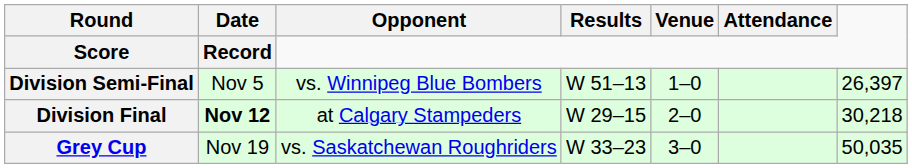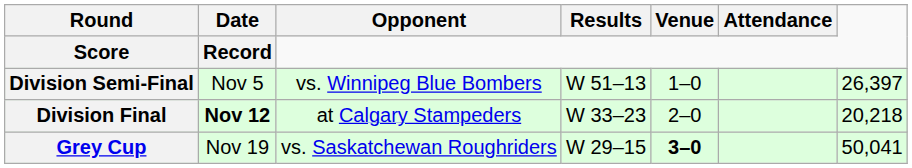 <table class="wikitable" style="text-align:center">
 <tr>
 <th>Round</th>
 <th>Date</th>
 <th>Opponent</th>
 <th>Results</th>
 <th>Venue</th>
 <th>Attendance</th>
 </tr>
 <tr>
 <th>Score</th>
 <th>Record</th>
 </tr>
 <tr style="background:#ddffdd">
 <th>Division Semi-Final</th>
 <td>Nov 5</td>
 <td>vs. <a href='#'>Winnipeg Blue Bombers</a></td>
 <td>W 51–13</td>
 <td>1–0</td>
 <td></td>
 <td>26,397</td>
 </tr>
 <tr style="background:#ddffdd">
 <th>Division Final</th>
 <td><strong>Nov 12</strong></td>
 <td>at <a href='#'>Calgary Stampeders</a></td>
-<td>W 29–15</td>
+<td>W 33–23</td>
 <td>2–0</td>
 <td></td>
-<td>30,218</td>
+<td>20,218</td>
 </tr>
 <tr style="background:#ddffdd">
 <th><a href='#'>Grey Cup</a></th>
 <td>Nov 19</td>
 <td>vs. <a href='#'>Saskatchewan Roughriders</a></td>
-<td>W 33–23</td>
-<td>3–0</td>
+<td>W 29–15</td>
+<td><strong>3–0</strong></td>
 <td></td>
-<td>50,035</td>
+<td>50,041</td>
 </tr>
 </table>
